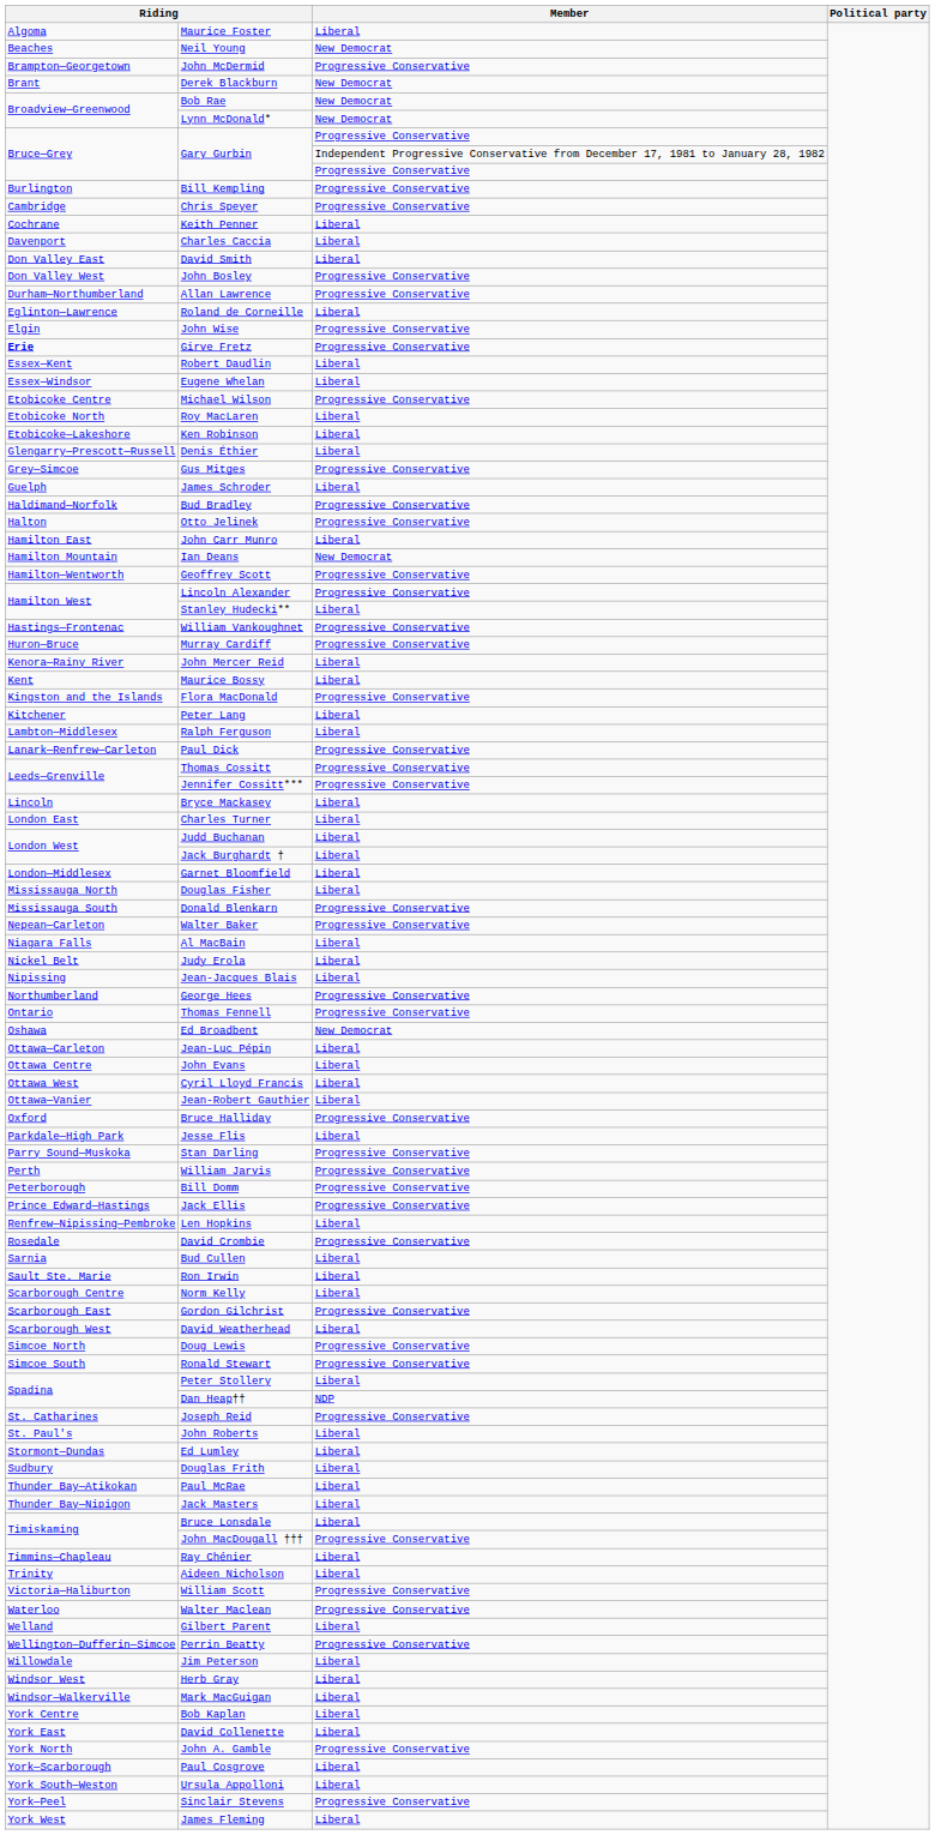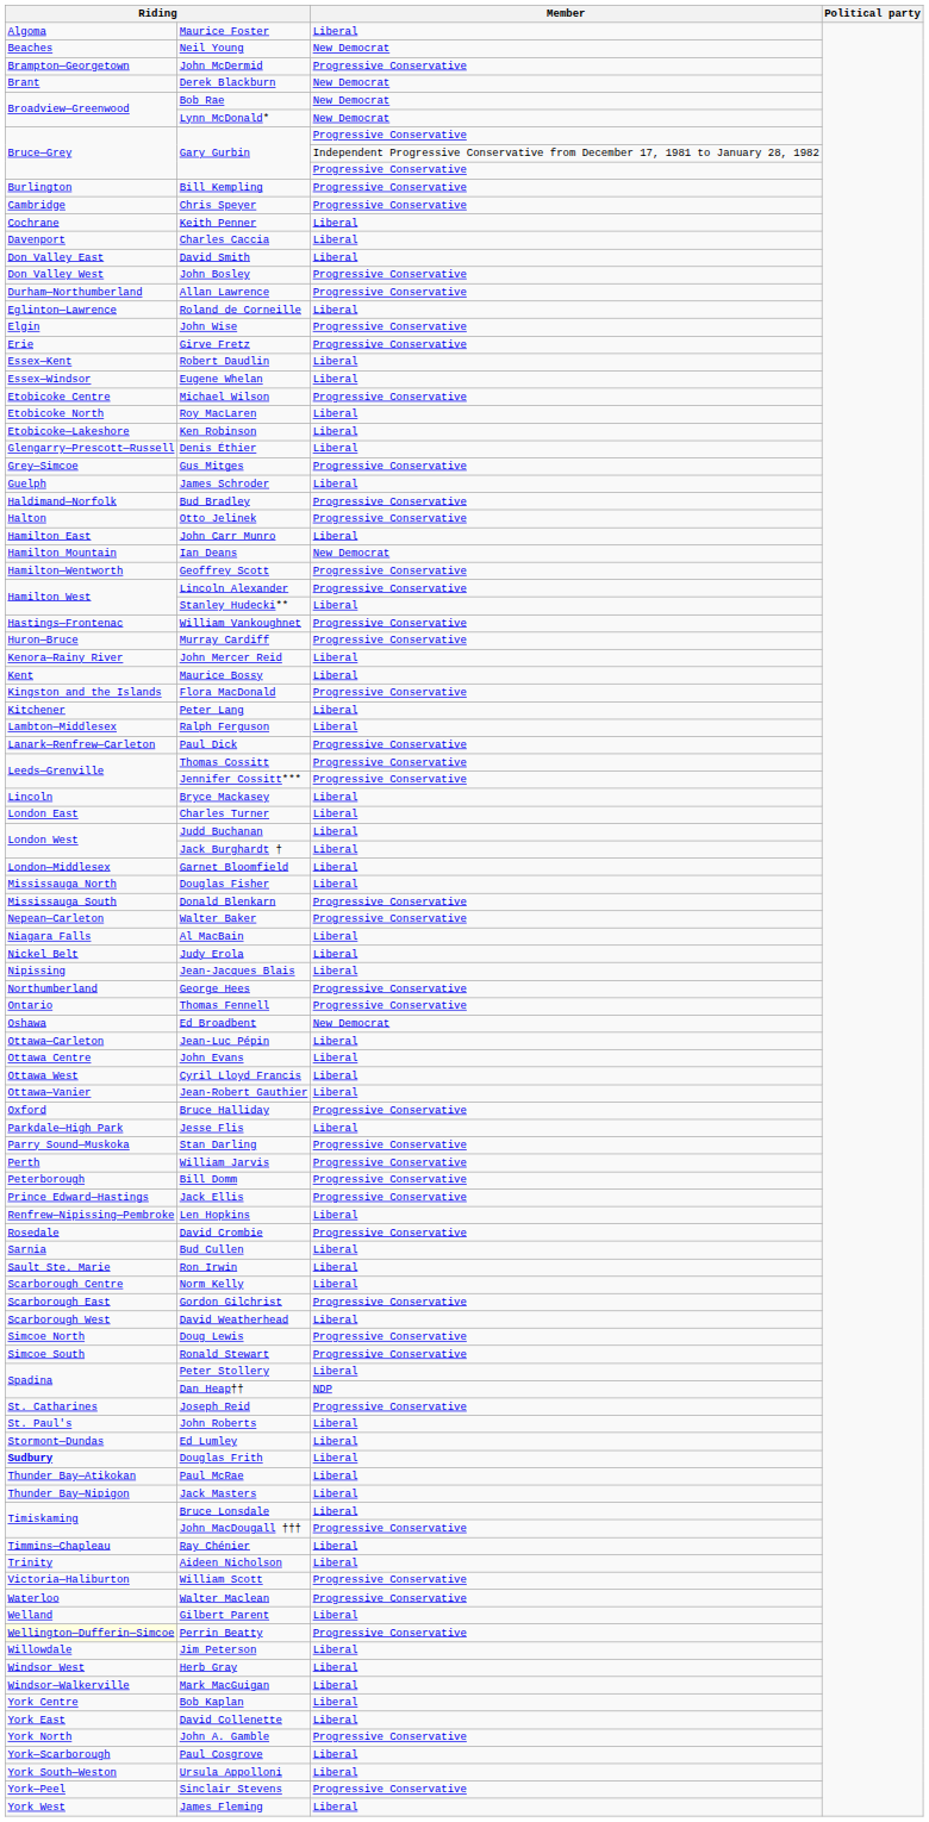 <table class="wikitable">
 <tr>
 <th colspan="2">Riding</th>
 <th>Member</th>
 <th>Political party</th>
 </tr>
 <tr>
 <td><a href='#'>Algoma</a></td>
 <td><a href='#'>Maurice Foster</a></td>
 <td><a href='#'>Liberal</a></td>
 </tr>
 <tr>
 <td><a href='#'>Beaches</a></td>
 <td><a href='#'>Neil Young</a></td>
 <td><a href='#'>New Democrat</a></td>
 </tr>
 <tr>
 <td><a href='#'>Brampton—Georgetown</a></td>
 <td><a href='#'>John McDermid</a></td>
 <td><a href='#'>Progressive Conservative</a></td>
 </tr>
 <tr>
 <td><a href='#'>Brant</a></td>
 <td><a href='#'>Derek Blackburn</a></td>
 <td><a href='#'>New Democrat</a></td>
 </tr>
 <tr>
 <td rowspan="2"><a href='#'>Broadview—Greenwood</a></td>
 <td><a href='#'>Bob Rae</a></td>
 <td><a href='#'>New Democrat</a></td>
 </tr>
 <tr>
 <td><a href='#'>Lynn McDonald</a>*</td>
 <td><a href='#'>New Democrat</a></td>
 </tr>
 <tr>
 <td rowspan="3"><a href='#'>Bruce—Grey</a></td>
 <td rowspan="3"><a href='#'>Gary Gurbin</a></td>
 <td><a href='#'>Progressive Conservative</a></td>
 </tr>
 <tr>
 <td>Independent Progressive Conservative from December 17, 1981 to January 28, 1982</td>
 </tr>
 <tr>
 <td><a href='#'>Progressive Conservative</a></td>
 </tr>
 <tr>
 <td><a href='#'>Burlington</a></td>
 <td><a href='#'>Bill Kempling</a></td>
 <td><a href='#'>Progressive Conservative</a></td>
 </tr>
 <tr>
 <td><a href='#'>Cambridge</a></td>
 <td><a href='#'>Chris Speyer</a></td>
 <td><a href='#'>Progressive Conservative</a></td>
 </tr>
 <tr>
 <td><a href='#'>Cochrane</a></td>
 <td><a href='#'>Keith Penner</a></td>
 <td><a href='#'>Liberal</a></td>
 </tr>
 <tr>
 <td><a href='#'>Davenport</a></td>
 <td><a href='#'>Charles Caccia</a></td>
 <td><a href='#'>Liberal</a></td>
 </tr>
 <tr>
 <td><a href='#'>Don Valley East</a></td>
 <td><a href='#'>David Smith</a></td>
 <td><a href='#'>Liberal</a></td>
 </tr>
 <tr>
 <td><a href='#'>Don Valley West</a></td>
 <td><a href='#'>John Bosley</a></td>
 <td><a href='#'>Progressive Conservative</a></td>
 </tr>
 <tr>
 <td><a href='#'>Durham—Northumberland</a></td>
 <td><a href='#'>Allan Lawrence</a></td>
 <td><a href='#'>Progressive Conservative</a></td>
 </tr>
 <tr>
 <td><a href='#'>Eglinton—Lawrence</a></td>
 <td><a href='#'>Roland de Corneille</a></td>
 <td><a href='#'>Liberal</a></td>
 </tr>
 <tr>
 <td><a href='#'>Elgin</a></td>
 <td><a href='#'>John Wise</a></td>
 <td><a href='#'>Progressive Conservative</a></td>
 </tr>
 <tr>
-<td><strong><a href='#'>Erie</a></strong></td>
+<td><a href='#'>Erie</a></td>
 <td><a href='#'>Girve Fretz</a></td>
 <td><a href='#'>Progressive Conservative</a></td>
 </tr>
 <tr>
 <td><a href='#'>Essex—Kent</a></td>
 <td><a href='#'>Robert Daudlin</a></td>
 <td><a href='#'>Liberal</a></td>
 </tr>
 <tr>
 <td><a href='#'>Essex—Windsor</a></td>
 <td><a href='#'>Eugene Whelan</a></td>
 <td><a href='#'>Liberal</a></td>
 </tr>
 <tr>
 <td><a href='#'>Etobicoke Centre</a></td>
 <td><a href='#'>Michael Wilson</a></td>
 <td><a href='#'>Progressive Conservative</a></td>
 </tr>
 <tr>
 <td><a href='#'>Etobicoke North</a></td>
 <td><a href='#'>Roy MacLaren</a></td>
 <td><a href='#'>Liberal</a></td>
 </tr>
 <tr>
 <td><a href='#'>Etobicoke—Lakeshore</a></td>
 <td><a href='#'>Ken Robinson</a></td>
 <td><a href='#'>Liberal</a></td>
 </tr>
 <tr>
 <td><a href='#'>Glengarry—Prescott—Russell</a></td>
 <td><a href='#'>Denis Éthier</a></td>
 <td><a href='#'>Liberal</a></td>
 </tr>
 <tr>
 <td><a href='#'>Grey—Simcoe</a></td>
 <td><a href='#'>Gus Mitges</a></td>
 <td><a href='#'>Progressive Conservative</a></td>
 </tr>
 <tr>
 <td><a href='#'>Guelph</a></td>
 <td><a href='#'>James Schroder</a></td>
 <td><a href='#'>Liberal</a></td>
 </tr>
 <tr>
 <td><a href='#'>Haldimand—Norfolk</a></td>
 <td><a href='#'>Bud Bradley</a></td>
 <td><a href='#'>Progressive Conservative</a></td>
 </tr>
 <tr>
 <td><a href='#'>Halton</a></td>
 <td><a href='#'>Otto Jelinek</a></td>
 <td><a href='#'>Progressive Conservative</a></td>
 </tr>
 <tr>
 <td><a href='#'>Hamilton East</a></td>
 <td><a href='#'>John Carr Munro</a></td>
 <td><a href='#'>Liberal</a></td>
 </tr>
 <tr>
 <td><a href='#'>Hamilton Mountain</a></td>
 <td><a href='#'>Ian Deans</a></td>
 <td><a href='#'>New Democrat</a></td>
 </tr>
 <tr>
 <td><a href='#'>Hamilton—Wentworth</a></td>
 <td><a href='#'>Geoffrey Scott</a></td>
 <td><a href='#'>Progressive Conservative</a></td>
 </tr>
 <tr>
 <td rowspan="2"><a href='#'>Hamilton West</a></td>
 <td><a href='#'>Lincoln Alexander</a></td>
 <td><a href='#'>Progressive Conservative</a></td>
 </tr>
 <tr>
 <td><a href='#'>Stanley Hudecki</a>**</td>
 <td><a href='#'>Liberal</a></td>
 </tr>
 <tr>
 <td><a href='#'>Hastings—Frontenac</a></td>
 <td><a href='#'>William Vankoughnet</a></td>
 <td><a href='#'>Progressive Conservative</a></td>
 </tr>
 <tr>
 <td><a href='#'>Huron—Bruce</a></td>
 <td><a href='#'>Murray Cardiff</a></td>
 <td><a href='#'>Progressive Conservative</a></td>
 </tr>
 <tr>
 <td><a href='#'>Kenora—Rainy River</a></td>
 <td><a href='#'>John Mercer Reid</a></td>
 <td><a href='#'>Liberal</a></td>
 </tr>
 <tr>
 <td><a href='#'>Kent</a></td>
 <td><a href='#'>Maurice Bossy</a></td>
 <td><a href='#'>Liberal</a></td>
 </tr>
 <tr>
 <td><a href='#'>Kingston and the Islands</a></td>
 <td><a href='#'>Flora MacDonald</a></td>
 <td><a href='#'>Progressive Conservative</a></td>
 </tr>
 <tr>
 <td><a href='#'>Kitchener</a></td>
 <td><a href='#'>Peter Lang</a></td>
 <td><a href='#'>Liberal</a></td>
 </tr>
 <tr>
 <td><a href='#'>Lambton—Middlesex</a></td>
 <td><a href='#'>Ralph Ferguson</a></td>
 <td><a href='#'>Liberal</a></td>
 </tr>
 <tr>
 <td><a href='#'>Lanark—Renfrew—Carleton</a></td>
 <td><a href='#'>Paul Dick</a></td>
 <td><a href='#'>Progressive Conservative</a></td>
 </tr>
 <tr>
 <td rowspan="2"><a href='#'>Leeds—Grenville</a></td>
 <td><a href='#'>Thomas Cossitt</a></td>
 <td><a href='#'>Progressive Conservative</a></td>
 </tr>
 <tr>
 <td><a href='#'>Jennifer Cossitt</a>***</td>
 <td><a href='#'>Progressive Conservative</a></td>
 </tr>
 <tr>
 <td><a href='#'>Lincoln</a></td>
 <td><a href='#'>Bryce Mackasey</a></td>
 <td><a href='#'>Liberal</a></td>
 </tr>
 <tr>
 <td><a href='#'>London East</a></td>
 <td><a href='#'>Charles Turner</a></td>
 <td><a href='#'>Liberal</a></td>
 </tr>
 <tr>
 <td rowspan="2"><a href='#'>London West</a></td>
 <td><a href='#'>Judd Buchanan</a></td>
 <td><a href='#'>Liberal</a></td>
 </tr>
 <tr>
 <td><a href='#'>Jack Burghardt</a> †</td>
 <td><a href='#'>Liberal</a></td>
 </tr>
 <tr>
 <td><a href='#'>London—Middlesex</a></td>
 <td><a href='#'>Garnet Bloomfield</a></td>
 <td><a href='#'>Liberal</a></td>
 </tr>
 <tr>
 <td><a href='#'>Mississauga North</a></td>
 <td><a href='#'>Douglas Fisher</a></td>
 <td><a href='#'>Liberal</a></td>
 </tr>
 <tr>
 <td><a href='#'>Mississauga South</a></td>
 <td><a href='#'>Donald Blenkarn</a></td>
 <td><a href='#'>Progressive Conservative</a></td>
 </tr>
 <tr>
 <td><a href='#'>Nepean—Carleton</a></td>
 <td><a href='#'>Walter Baker</a></td>
 <td><a href='#'>Progressive Conservative</a></td>
 </tr>
 <tr>
 <td><a href='#'>Niagara Falls</a></td>
 <td><a href='#'>Al MacBain</a></td>
 <td><a href='#'>Liberal</a></td>
 </tr>
 <tr>
 <td><a href='#'>Nickel Belt</a></td>
 <td><a href='#'>Judy Erola</a></td>
 <td><a href='#'>Liberal</a></td>
 </tr>
 <tr>
 <td><a href='#'>Nipissing</a></td>
 <td><a href='#'>Jean-Jacques Blais</a></td>
 <td><a href='#'>Liberal</a></td>
 </tr>
 <tr>
 <td><a href='#'>Northumberland</a></td>
 <td><a href='#'>George Hees</a></td>
 <td><a href='#'>Progressive Conservative</a></td>
 </tr>
 <tr>
 <td><a href='#'>Ontario</a></td>
 <td><a href='#'>Thomas Fennell</a></td>
 <td><a href='#'>Progressive Conservative</a></td>
 </tr>
 <tr>
 <td><a href='#'>Oshawa</a></td>
 <td><a href='#'>Ed Broadbent</a></td>
 <td><a href='#'>New Democrat</a></td>
 </tr>
 <tr>
 <td><a href='#'>Ottawa—Carleton</a></td>
 <td><a href='#'>Jean-Luc Pépin</a></td>
 <td><a href='#'>Liberal</a></td>
 </tr>
 <tr>
 <td><a href='#'>Ottawa Centre</a></td>
 <td><a href='#'>John Evans</a></td>
 <td><a href='#'>Liberal</a></td>
 </tr>
 <tr>
 <td><a href='#'>Ottawa West</a></td>
 <td><a href='#'>Cyril Lloyd Francis</a></td>
 <td><a href='#'>Liberal</a></td>
 </tr>
 <tr>
 <td><a href='#'>Ottawa—Vanier</a></td>
 <td><a href='#'>Jean-Robert Gauthier</a></td>
 <td><a href='#'>Liberal</a></td>
 </tr>
 <tr>
 <td><a href='#'>Oxford</a></td>
 <td><a href='#'>Bruce Halliday</a></td>
 <td><a href='#'>Progressive Conservative</a></td>
 </tr>
 <tr>
 <td><a href='#'>Parkdale—High Park</a></td>
 <td><a href='#'>Jesse Flis</a></td>
 <td><a href='#'>Liberal</a></td>
 </tr>
 <tr>
 <td><a href='#'>Parry Sound—Muskoka</a></td>
 <td><a href='#'>Stan Darling</a></td>
 <td><a href='#'>Progressive Conservative</a></td>
 </tr>
 <tr>
 <td><a href='#'>Perth</a></td>
 <td><a href='#'>William Jarvis</a></td>
 <td><a href='#'>Progressive Conservative</a></td>
 </tr>
 <tr>
 <td><a href='#'>Peterborough</a></td>
 <td><a href='#'>Bill Domm</a></td>
 <td><a href='#'>Progressive Conservative</a></td>
 </tr>
 <tr>
 <td><a href='#'>Prince Edward—Hastings</a></td>
 <td><a href='#'>Jack Ellis</a></td>
 <td><a href='#'>Progressive Conservative</a></td>
 </tr>
 <tr>
 <td><a href='#'>Renfrew—Nipissing—Pembroke</a></td>
 <td><a href='#'>Len Hopkins</a></td>
 <td><a href='#'>Liberal</a></td>
 </tr>
 <tr>
 <td><a href='#'>Rosedale</a></td>
 <td><a href='#'>David Crombie</a></td>
 <td><a href='#'>Progressive Conservative</a></td>
 </tr>
 <tr>
 <td><a href='#'>Sarnia</a></td>
 <td><a href='#'>Bud Cullen</a></td>
 <td><a href='#'>Liberal</a></td>
 </tr>
 <tr>
 <td><a href='#'>Sault Ste. Marie</a></td>
 <td><a href='#'>Ron Irwin</a></td>
 <td><a href='#'>Liberal</a></td>
 </tr>
 <tr>
 <td><a href='#'>Scarborough Centre</a></td>
 <td><a href='#'>Norm Kelly</a></td>
 <td><a href='#'>Liberal</a></td>
 </tr>
 <tr>
 <td><a href='#'>Scarborough East</a></td>
 <td><a href='#'>Gordon Gilchrist</a></td>
 <td><a href='#'>Progressive Conservative</a></td>
 </tr>
 <tr>
 <td><a href='#'>Scarborough West</a></td>
 <td><a href='#'>David Weatherhead</a></td>
 <td><a href='#'>Liberal</a></td>
 </tr>
 <tr>
 <td><a href='#'>Simcoe North</a></td>
 <td><a href='#'>Doug Lewis</a></td>
 <td><a href='#'>Progressive Conservative</a></td>
 </tr>
 <tr>
 <td><a href='#'>Simcoe South</a></td>
 <td><a href='#'>Ronald Stewart</a></td>
 <td><a href='#'>Progressive Conservative</a></td>
 </tr>
 <tr>
 <td rowspan="2"><a href='#'>Spadina</a></td>
 <td><a href='#'>Peter Stollery</a></td>
 <td><a href='#'>Liberal</a></td>
 </tr>
 <tr>
 <td><a href='#'>Dan Heap</a>††</td>
 <td><a href='#'>NDP</a></td>
 </tr>
 <tr>
 <td><a href='#'>St. Catharines</a></td>
 <td><a href='#'>Joseph Reid</a></td>
 <td><a href='#'>Progressive Conservative</a></td>
 </tr>
 <tr>
 <td><a href='#'>St. Paul's</a></td>
 <td><a href='#'>John Roberts</a></td>
 <td><a href='#'>Liberal</a></td>
 </tr>
 <tr>
 <td><a href='#'>Stormont—Dundas</a></td>
 <td><a href='#'>Ed Lumley</a></td>
 <td><a href='#'>Liberal</a></td>
 </tr>
 <tr>
-<td><a href='#'>Sudbury</a></td>
+<td><strong><a href='#'>Sudbury</a></strong></td>
 <td><a href='#'>Douglas Frith</a></td>
 <td><a href='#'>Liberal</a></td>
 </tr>
 <tr>
 <td><a href='#'>Thunder Bay—Atikokan</a></td>
 <td><a href='#'>Paul McRae</a></td>
 <td><a href='#'>Liberal</a></td>
 </tr>
 <tr>
 <td><a href='#'>Thunder Bay—Nipigon</a></td>
 <td><a href='#'>Jack Masters</a></td>
 <td><a href='#'>Liberal</a></td>
 </tr>
 <tr>
 <td rowspan="2"><a href='#'>Timiskaming</a></td>
 <td><a href='#'>Bruce Lonsdale</a></td>
 <td><a href='#'>Liberal</a></td>
 </tr>
 <tr>
 <td><a href='#'>John MacDougall</a> †††</td>
 <td><a href='#'>Progressive Conservative</a></td>
 </tr>
 <tr>
 <td><a href='#'>Timmins—Chapleau</a></td>
 <td><a href='#'>Ray Chénier</a></td>
 <td><a href='#'>Liberal</a></td>
 </tr>
 <tr>
 <td><a href='#'>Trinity</a></td>
 <td><a href='#'>Aideen Nicholson</a></td>
 <td><a href='#'>Liberal</a></td>
 </tr>
 <tr>
 <td><a href='#'>Victoria—Haliburton</a></td>
 <td><a href='#'>William Scott</a></td>
 <td><a href='#'>Progressive Conservative</a></td>
 </tr>
 <tr>
 <td><a href='#'>Waterloo</a></td>
 <td><a href='#'>Walter Maclean</a></td>
 <td><a href='#'>Progressive Conservative</a></td>
 </tr>
 <tr>
 <td><a href='#'>Welland</a></td>
 <td><a href='#'>Gilbert Parent</a></td>
 <td><a href='#'>Liberal</a></td>
 </tr>
 <tr>
-<td><a href='#'>Wellington—Dufferin—Simcoe</a></td>
+<td style="background: lightyellow;"><a href='#'>Wellington—Dufferin—Simcoe</a></td>
 <td><a href='#'>Perrin Beatty</a></td>
 <td><a href='#'>Progressive Conservative</a></td>
 </tr>
 <tr>
 <td><a href='#'>Willowdale</a></td>
 <td><a href='#'>Jim Peterson</a></td>
 <td><a href='#'>Liberal</a></td>
 </tr>
 <tr>
 <td><a href='#'>Windsor West</a></td>
 <td><a href='#'>Herb Gray</a></td>
 <td><a href='#'>Liberal</a></td>
 </tr>
 <tr>
 <td><a href='#'>Windsor—Walkerville</a></td>
 <td><a href='#'>Mark MacGuigan</a></td>
 <td><a href='#'>Liberal</a></td>
 </tr>
 <tr>
 <td><a href='#'>York Centre</a></td>
 <td><a href='#'>Bob Kaplan</a></td>
 <td><a href='#'>Liberal</a></td>
 </tr>
 <tr>
 <td><a href='#'>York East</a></td>
 <td><a href='#'>David Collenette</a></td>
 <td><a href='#'>Liberal</a></td>
 </tr>
 <tr>
 <td><a href='#'>York North</a></td>
 <td><a href='#'>John A. Gamble</a></td>
 <td><a href='#'>Progressive Conservative</a></td>
 </tr>
 <tr>
 <td><a href='#'>York—Scarborough</a></td>
 <td><a href='#'>Paul Cosgrove</a></td>
 <td><a href='#'>Liberal</a></td>
 </tr>
 <tr>
 <td><a href='#'>York South—Weston</a></td>
 <td><a href='#'>Ursula Appolloni</a></td>
 <td><a href='#'>Liberal</a></td>
 </tr>
 <tr>
 <td><a href='#'>York—Peel</a></td>
 <td><a href='#'>Sinclair Stevens</a></td>
 <td><a href='#'>Progressive Conservative</a></td>
 </tr>
 <tr>
 <td><a href='#'>York West</a></td>
 <td><a href='#'>James Fleming</a></td>
 <td><a href='#'>Liberal</a></td>
 </tr>
 </table>
